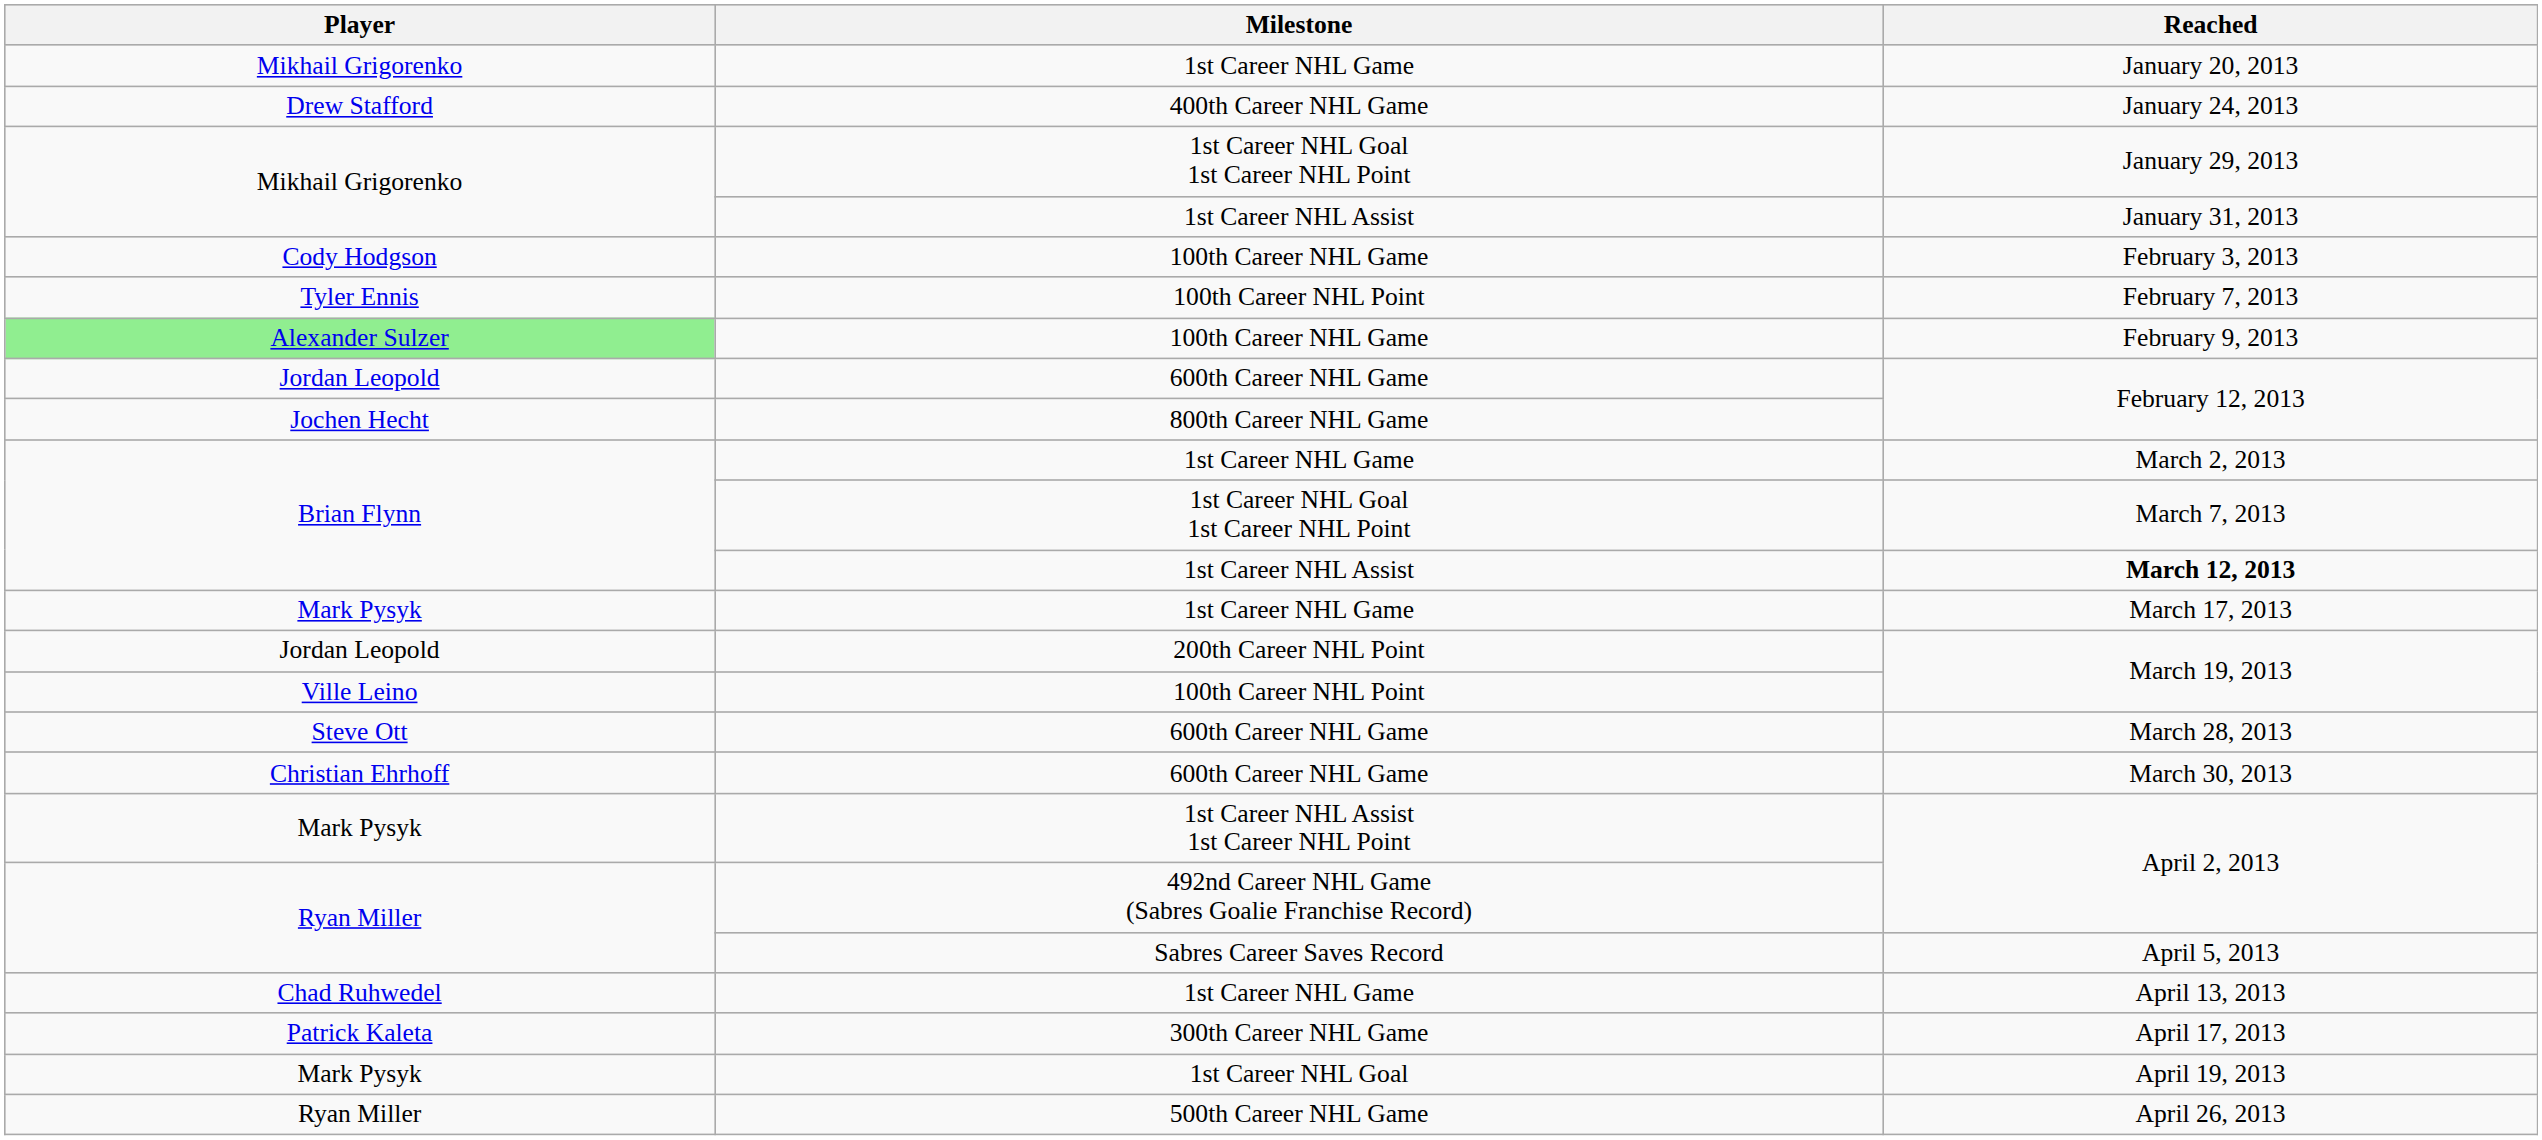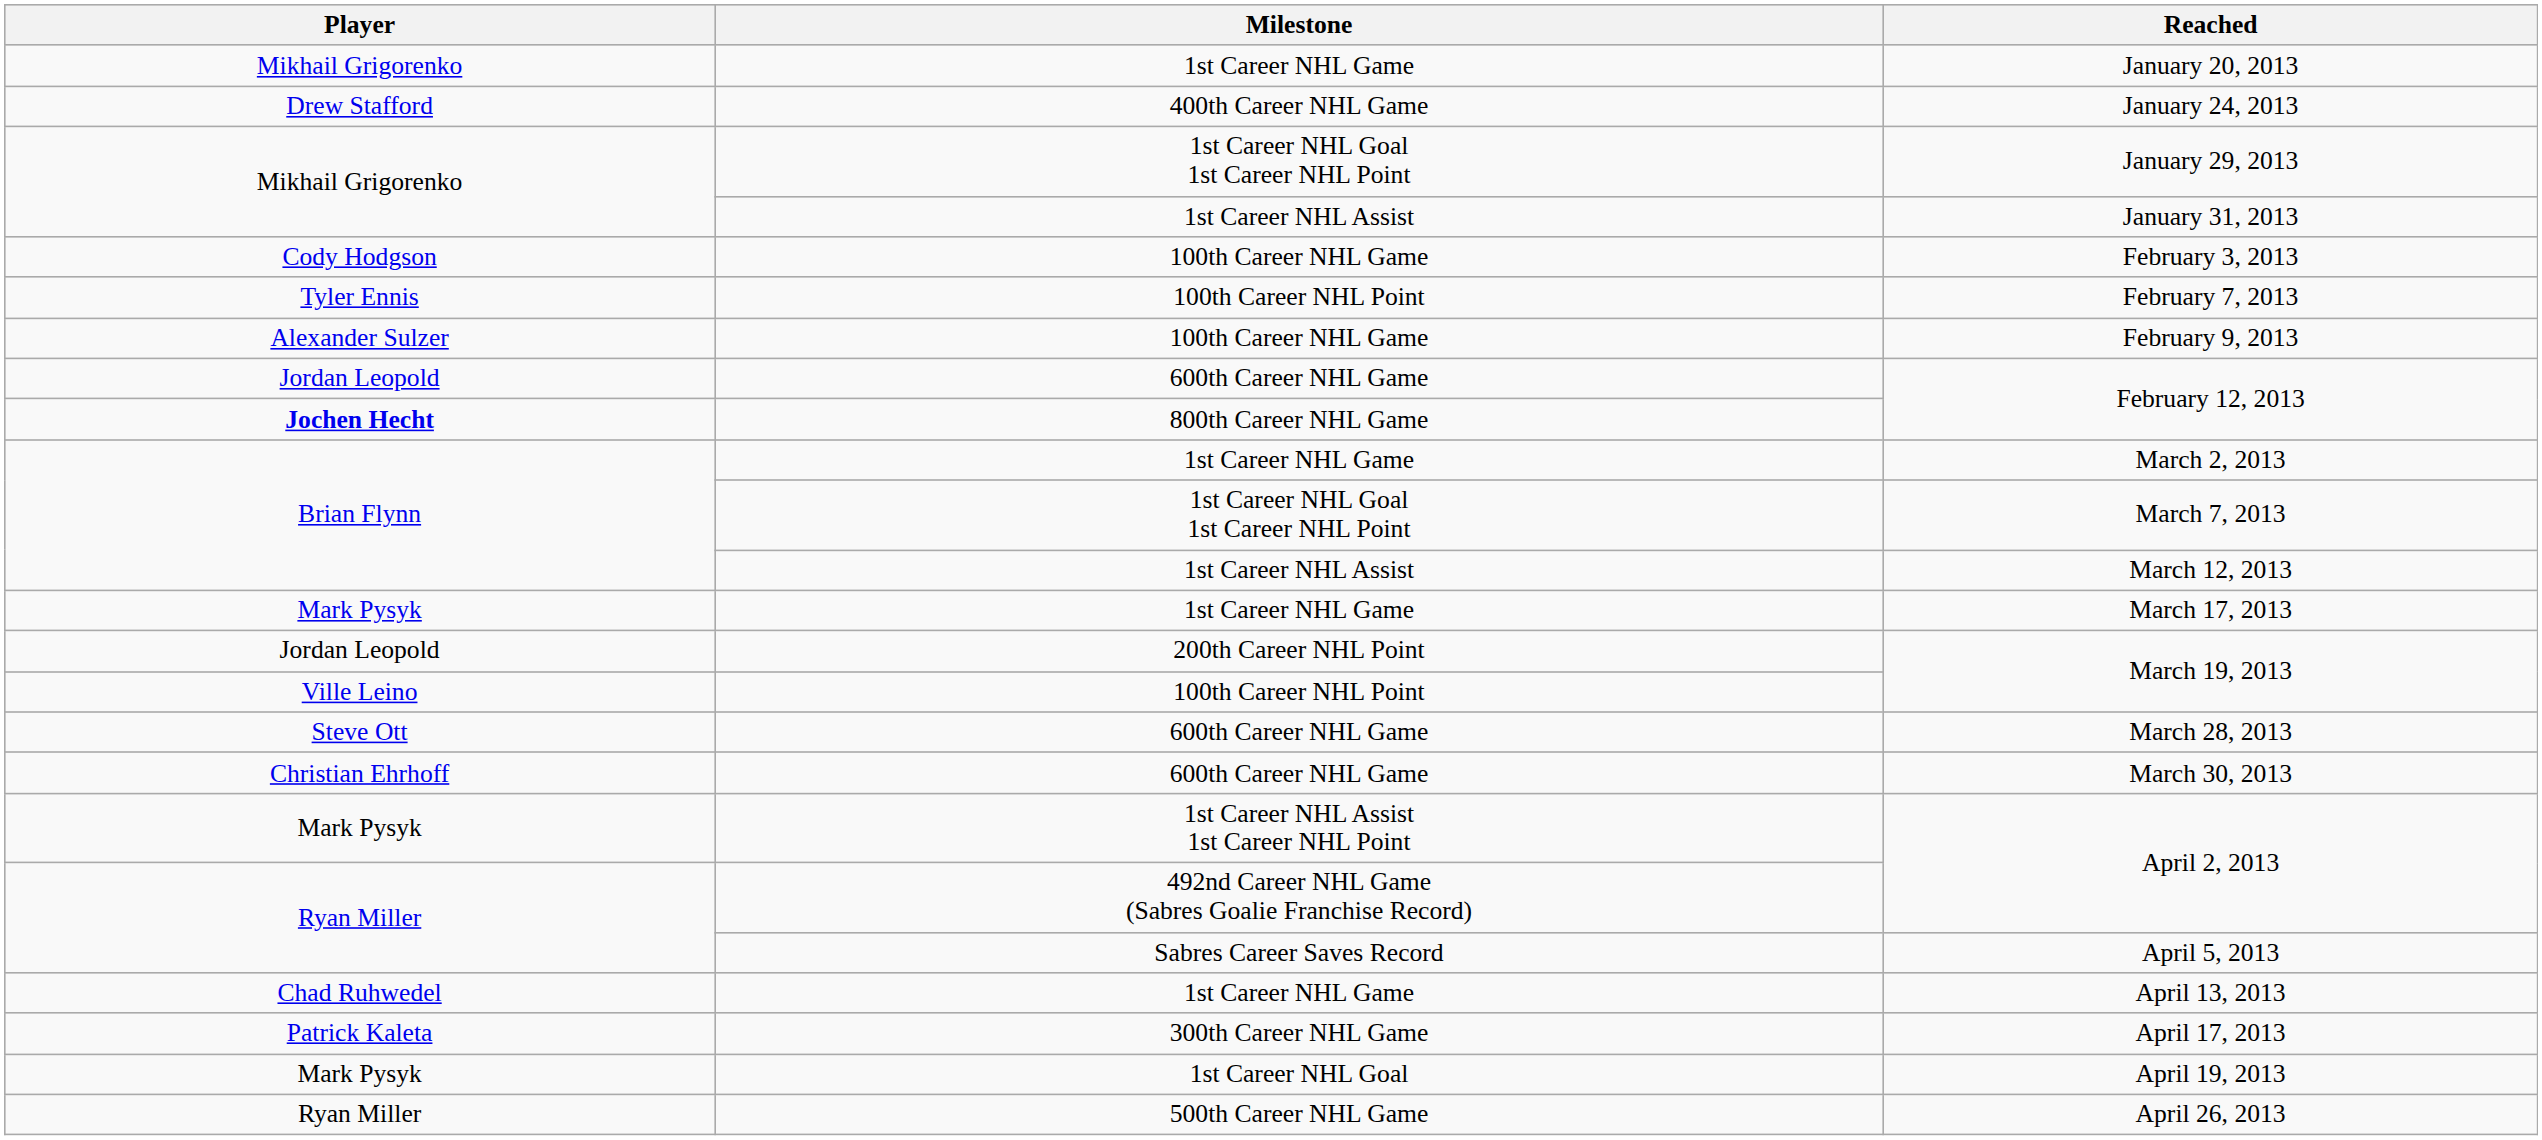 <table class="wikitable sortable" width="100%" style="text-align:center">
 <tr align=center>
 <th>Player</th>
 <th>Milestone</th>
 <th>Reached</th>
 </tr>
 <tr>
 <td><a href='#'>Mikhail Grigorenko</a></td>
 <td>1st Career NHL Game</td>
 <td>January 20, 2013</td>
 </tr>
 <tr>
 <td><a href='#'>Drew Stafford</a></td>
 <td>400th Career NHL Game</td>
 <td>January 24, 2013</td>
 </tr>
 <tr>
 <td rowspan="2">Mikhail Grigorenko</td>
 <td>1st Career NHL Goal<br>1st Career NHL Point</td>
 <td>January 29, 2013</td>
 </tr>
 <tr>
 <td>1st Career NHL Assist</td>
 <td>January 31, 2013</td>
 </tr>
 <tr>
 <td><a href='#'>Cody Hodgson</a></td>
 <td>100th Career NHL Game</td>
 <td>February 3, 2013</td>
 </tr>
 <tr>
 <td><a href='#'>Tyler Ennis</a></td>
 <td>100th Career NHL Point</td>
 <td>February 7, 2013</td>
 </tr>
 <tr>
-<td style="background: lightgreen;"><a href='#'>Alexander Sulzer</a></td>
+<td><a href='#'>Alexander Sulzer</a></td>
 <td>100th Career NHL Game</td>
 <td>February 9, 2013</td>
 </tr>
 <tr>
 <td><a href='#'>Jordan Leopold</a></td>
 <td>600th Career NHL Game</td>
 <td rowspan="2">February 12, 2013</td>
 </tr>
 <tr>
-<td><a href='#'>Jochen Hecht</a></td>
+<td><strong><a href='#'>Jochen Hecht</a></strong></td>
 <td>800th Career NHL Game</td>
 </tr>
 <tr>
 <td rowspan="3"><a href='#'>Brian Flynn</a></td>
 <td>1st Career NHL Game</td>
 <td>March 2, 2013</td>
 </tr>
 <tr>
 <td>1st Career NHL Goal<br>1st Career NHL Point</td>
 <td>March 7, 2013</td>
 </tr>
 <tr>
 <td>1st Career NHL Assist</td>
-<td><strong>March 12, 2013</strong></td>
+<td>March 12, 2013</td>
 </tr>
 <tr>
 <td><a href='#'>Mark Pysyk</a></td>
 <td>1st Career NHL Game</td>
 <td>March 17, 2013</td>
 </tr>
 <tr>
 <td>Jordan Leopold</td>
 <td>200th Career NHL Point</td>
 <td rowspan="2">March 19, 2013</td>
 </tr>
 <tr>
 <td><a href='#'>Ville Leino</a></td>
 <td>100th Career NHL Point</td>
 </tr>
 <tr>
 <td><a href='#'>Steve Ott</a></td>
 <td>600th Career NHL Game</td>
 <td>March 28, 2013</td>
 </tr>
 <tr>
 <td><a href='#'>Christian Ehrhoff</a></td>
 <td>600th Career NHL Game</td>
 <td>March 30, 2013</td>
 </tr>
 <tr>
 <td>Mark Pysyk</td>
 <td>1st Career NHL Assist<br>1st Career NHL Point</td>
 <td rowspan="2">April 2, 2013</td>
 </tr>
 <tr>
 <td rowspan="2"><a href='#'>Ryan Miller</a></td>
 <td>492nd Career NHL Game<br>(Sabres Goalie Franchise Record)</td>
 </tr>
 <tr>
 <td>Sabres Career Saves Record</td>
 <td>April 5, 2013</td>
 </tr>
 <tr>
 <td><a href='#'>Chad Ruhwedel</a></td>
 <td>1st Career NHL Game</td>
 <td>April 13, 2013</td>
 </tr>
 <tr>
 <td><a href='#'>Patrick Kaleta</a></td>
 <td>300th Career NHL Game</td>
 <td>April 17, 2013</td>
 </tr>
 <tr>
 <td>Mark Pysyk</td>
 <td>1st Career NHL Goal</td>
 <td>April 19, 2013</td>
 </tr>
 <tr>
 <td>Ryan Miller</td>
 <td>500th Career NHL Game</td>
 <td>April 26, 2013</td>
 </tr>
 </table>
